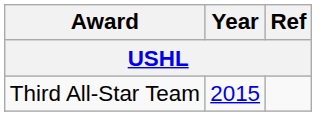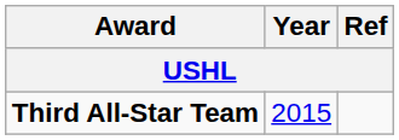 <table class="wikitable">
 <tr>
 <th>Award</th>
 <th>Year</th>
 <th>Ref</th>
 </tr>
 <tr ALIGN="center" bgcolor="#e0e0e0">
 <th colspan="3"><a href='#'>USHL</a></th>
 </tr>
 <tr>
-<td>Third All-Star Team</td>
+<td><strong>Third All-Star Team</strong></td>
 <td><a href='#'>2015</a></td>
 <td></td>
 </tr>
 </table>
